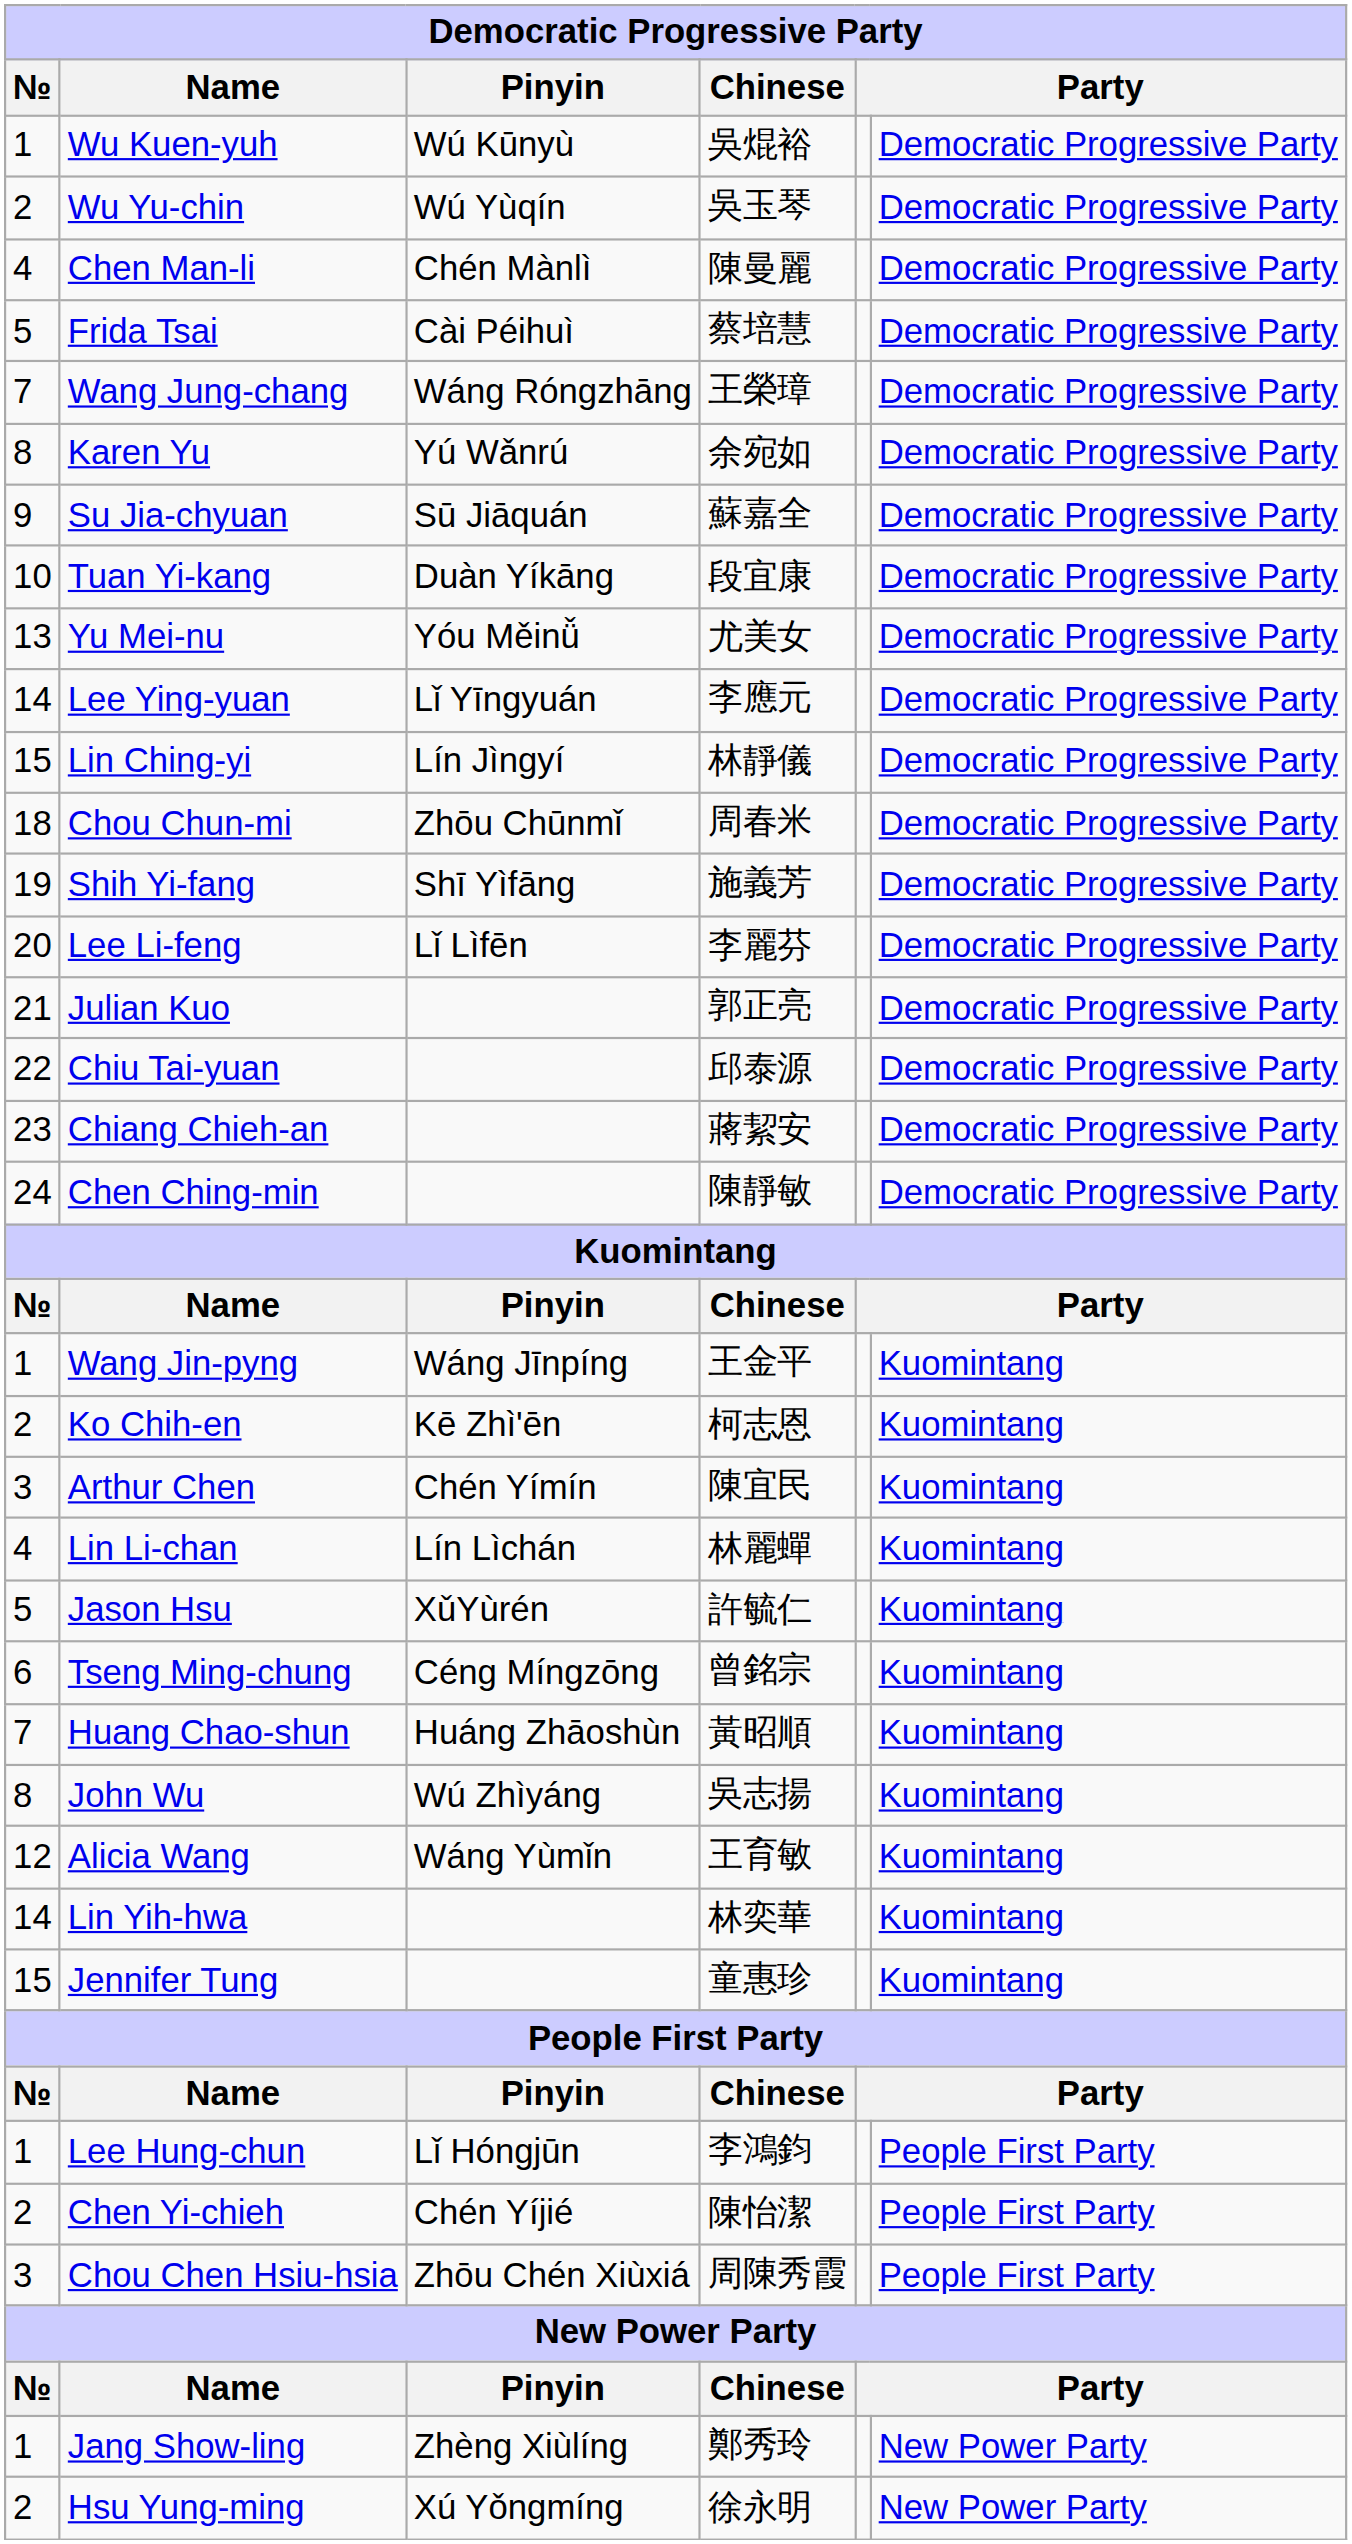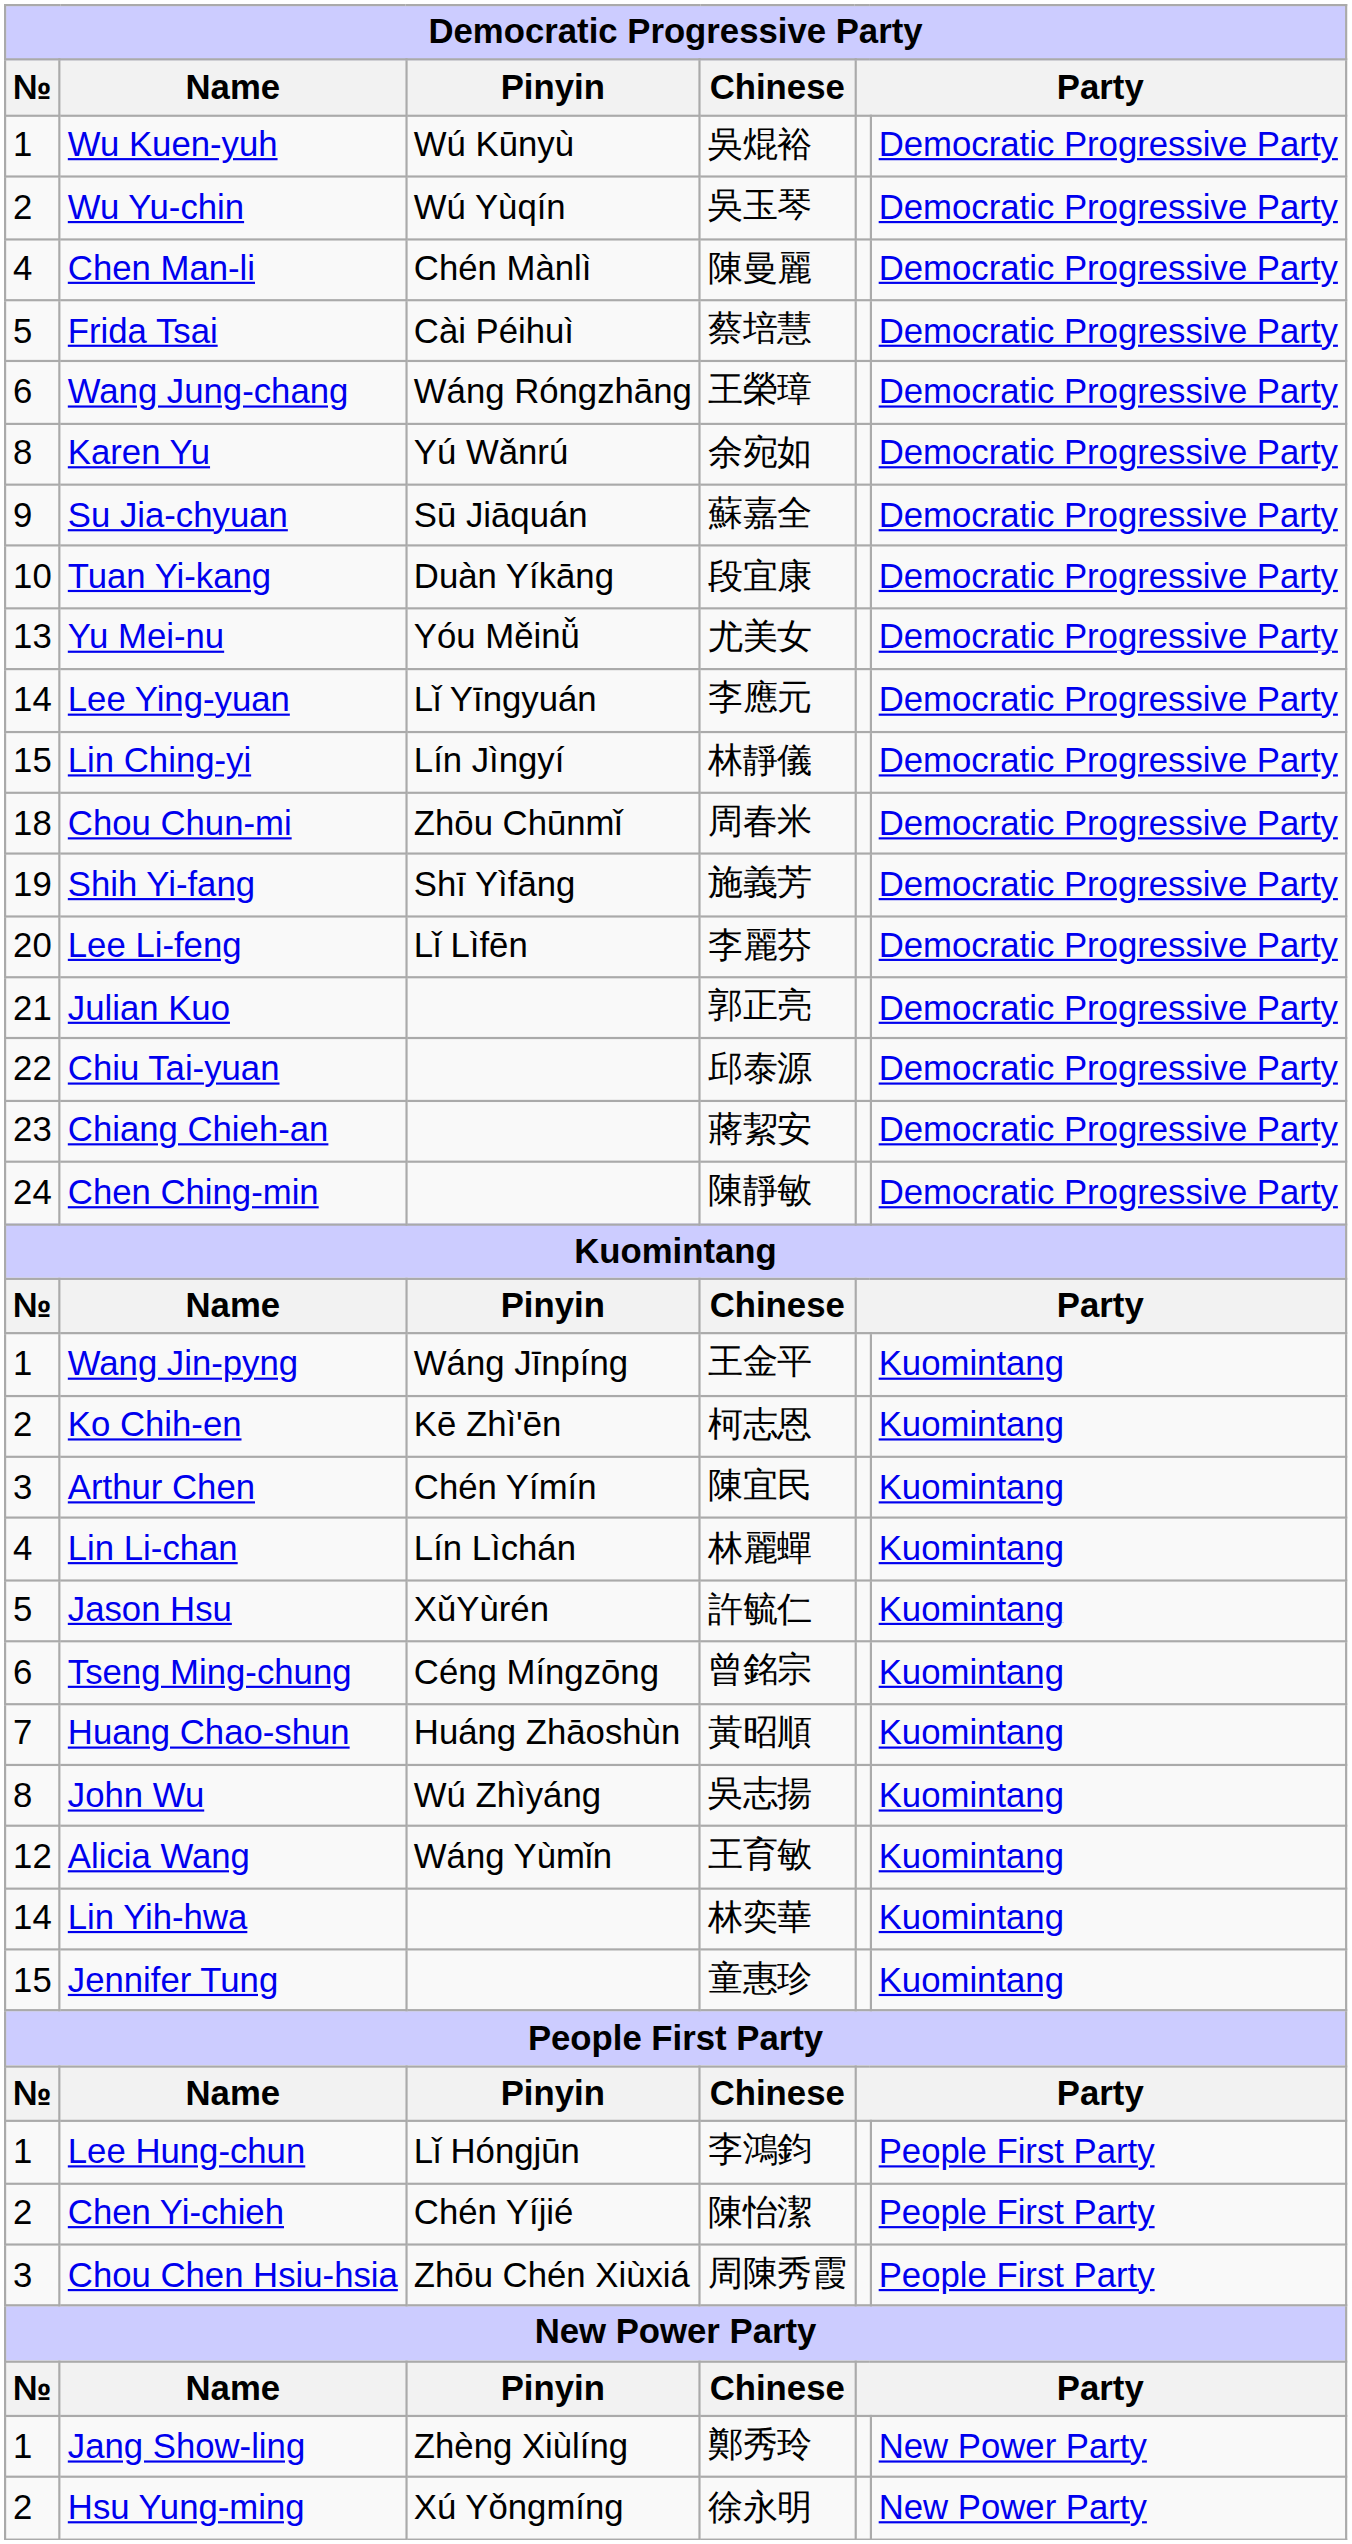 <table class="wikitable">
 <tr>
 <th colspan="6" style="background:#ccf;">Democratic Progressive Party</th>
 </tr>
 <tr>
 <th>№</th>
 <th>Name</th>
 <th>Pinyin</th>
 <th>Chinese</th>
 <th colspan=2>Party</th>
 </tr>
 <tr>
 <td>1</td>
 <td><a href='#'>Wu Kuen-yuh</a></td>
 <td>Wú Kūnyù</td>
 <td>吳焜裕</td>
 <td style="background-color: "></td>
 <td><a href='#'>Democratic Progressive Party</a></td>
 </tr>
 <tr>
 <td>2</td>
 <td><a href='#'>Wu Yu-chin</a></td>
 <td>Wú Yùqín</td>
 <td>吳玉琴</td>
 <td style="background-color: "></td>
 <td><a href='#'>Democratic Progressive Party</a></td>
 </tr>
 <tr>
 <td>4</td>
 <td><a href='#'>Chen Man-li</a></td>
 <td>Chén Mànlì</td>
 <td>陳曼麗</td>
 <td style="background-color: "></td>
 <td><a href='#'>Democratic Progressive Party</a></td>
 </tr>
 <tr>
 <td>5</td>
 <td><a href='#'>Frida Tsai</a></td>
 <td>Cài Péihuì</td>
 <td>蔡培慧</td>
 <td style="background-color: "></td>
 <td><a href='#'>Democratic Progressive Party</a></td>
 </tr>
 <tr>
-<td>7</td>
+<td>6</td>
 <td><a href='#'>Wang Jung-chang</a></td>
 <td>Wáng Róngzhāng</td>
 <td>王榮璋</td>
 <td style="background-color: "></td>
 <td><a href='#'>Democratic Progressive Party</a></td>
 </tr>
 <tr>
 <td>8</td>
 <td><a href='#'>Karen Yu</a></td>
 <td>Yú Wǎnrú</td>
 <td>余宛如</td>
 <td style="background-color: "></td>
 <td><a href='#'>Democratic Progressive Party</a></td>
 </tr>
 <tr>
 <td>9</td>
 <td><a href='#'>Su Jia-chyuan</a></td>
 <td>Sū Jiāquán</td>
 <td>蘇嘉全</td>
 <td style="background-color: "></td>
 <td><a href='#'>Democratic Progressive Party</a></td>
 </tr>
 <tr>
 <td>10</td>
 <td><a href='#'>Tuan Yi-kang</a></td>
 <td>Duàn Yíkāng</td>
 <td>段宜康</td>
 <td style="background-color: "></td>
 <td><a href='#'>Democratic Progressive Party</a></td>
 </tr>
 <tr>
 <td>13</td>
 <td><a href='#'>Yu Mei-nu</a></td>
 <td>Yóu Měinǚ</td>
 <td>尤美女</td>
 <td style="background-color: "></td>
 <td><a href='#'>Democratic Progressive Party</a></td>
 </tr>
 <tr>
 <td>14</td>
 <td><a href='#'>Lee Ying-yuan</a></td>
 <td>Lǐ Yīngyuán</td>
 <td>李應元</td>
 <td style="background-color: "></td>
 <td><a href='#'>Democratic Progressive Party</a></td>
 </tr>
 <tr>
 <td>15</td>
 <td><a href='#'>Lin Ching-yi</a></td>
 <td>Lín Jìngyí</td>
 <td>林靜儀</td>
 <td style="background-color: "></td>
 <td><a href='#'>Democratic Progressive Party</a></td>
 </tr>
 <tr>
 <td>18</td>
 <td><a href='#'>Chou Chun-mi</a></td>
 <td>Zhōu Chūnmǐ</td>
 <td>周春米</td>
 <td style="background-color: "></td>
 <td><a href='#'>Democratic Progressive Party</a></td>
 </tr>
 <tr>
 <td>19</td>
 <td><a href='#'>Shih Yi-fang</a></td>
 <td>Shī Yìfāng</td>
 <td>施義芳</td>
 <td style="background-color: "></td>
 <td><a href='#'>Democratic Progressive Party</a></td>
 </tr>
 <tr>
 <td>20</td>
 <td><a href='#'>Lee Li-feng</a></td>
 <td>Lǐ Lìfēn</td>
 <td>李麗芬</td>
 <td style="background-color: "></td>
 <td><a href='#'>Democratic Progressive Party</a></td>
 </tr>
 <tr>
 <td>21</td>
 <td><a href='#'>Julian Kuo</a></td>
 <td></td>
 <td>郭正亮</td>
 <td style="background-color: "></td>
 <td><a href='#'>Democratic Progressive Party</a></td>
 </tr>
 <tr>
 <td>22</td>
 <td><a href='#'>Chiu Tai-yuan</a></td>
 <td></td>
 <td>邱泰源</td>
 <td style="background-color: "></td>
 <td><a href='#'>Democratic Progressive Party</a></td>
 </tr>
 <tr>
 <td>23</td>
 <td><a href='#'>Chiang Chieh-an</a></td>
 <td></td>
 <td>蔣絜安</td>
 <td style="background-color: "></td>
 <td><a href='#'>Democratic Progressive Party</a></td>
 </tr>
 <tr>
 <td>24</td>
 <td><a href='#'>Chen Ching-min</a></td>
 <td></td>
 <td>陳靜敏</td>
 <td style="background-color: "></td>
 <td><a href='#'>Democratic Progressive Party</a></td>
 </tr>
 <tr>
 <th colspan="6" style="background:#ccf;">Kuomintang</th>
 </tr>
 <tr>
 <th>№</th>
 <th>Name</th>
 <th>Pinyin</th>
 <th>Chinese</th>
 <th colspan=2>Party</th>
 </tr>
 <tr>
 <td>1</td>
 <td><a href='#'>Wang Jin-pyng</a></td>
 <td>Wáng Jīnpíng</td>
 <td>王金平</td>
 <td style="background-color: "></td>
 <td><a href='#'>Kuomintang</a></td>
 </tr>
 <tr>
 <td>2</td>
 <td><a href='#'>Ko Chih-en</a></td>
 <td>Kē Zhì'ēn</td>
 <td>柯志恩</td>
 <td style="background-color: "></td>
 <td><a href='#'>Kuomintang</a></td>
 </tr>
 <tr>
 <td>3</td>
 <td><a href='#'>Arthur Chen</a></td>
 <td>Chén Yímín</td>
 <td>陳宜民</td>
 <td style="background-color: "></td>
 <td><a href='#'>Kuomintang</a></td>
 </tr>
 <tr>
 <td>4</td>
 <td><a href='#'>Lin Li-chan</a></td>
 <td>Lín Lìchán</td>
 <td>林麗蟬</td>
 <td style="background-color: "></td>
 <td><a href='#'>Kuomintang</a></td>
 </tr>
 <tr>
 <td>5</td>
 <td><a href='#'>Jason Hsu</a></td>
 <td>XǔYùrén</td>
 <td>許毓仁</td>
 <td style="background-color: "></td>
 <td><a href='#'>Kuomintang</a></td>
 </tr>
 <tr>
 <td>6</td>
 <td><a href='#'>Tseng Ming-chung</a></td>
 <td>Céng Míngzōng</td>
 <td>曾銘宗</td>
 <td style="background-color: "></td>
 <td><a href='#'>Kuomintang</a></td>
 </tr>
 <tr>
 <td>7</td>
 <td><a href='#'>Huang Chao-shun</a></td>
 <td>Huáng Zhāoshùn</td>
 <td>黃昭順</td>
 <td style="background-color: "></td>
 <td><a href='#'>Kuomintang</a></td>
 </tr>
 <tr>
 <td>8</td>
 <td><a href='#'>John Wu</a></td>
 <td>Wú Zhìyáng</td>
 <td>吳志揚</td>
 <td style="background-color: "></td>
 <td><a href='#'>Kuomintang</a></td>
 </tr>
 <tr>
 <td>12</td>
 <td><a href='#'>Alicia Wang</a></td>
 <td>Wáng Yùmǐn</td>
 <td>王育敏</td>
 <td style="background-color: "></td>
 <td><a href='#'>Kuomintang</a></td>
 </tr>
 <tr>
 <td>14</td>
 <td><a href='#'>Lin Yih-hwa</a></td>
 <td></td>
 <td>林奕華</td>
 <td style="background-color: "></td>
 <td><a href='#'>Kuomintang</a></td>
 </tr>
 <tr>
 <td>15</td>
 <td><a href='#'>Jennifer Tung</a></td>
 <td></td>
 <td>童惠珍</td>
 <td style="background-color: "></td>
 <td><a href='#'>Kuomintang</a></td>
 </tr>
 <tr>
 <th colspan="6" style="background:#ccf;">People First Party</th>
 </tr>
 <tr>
 <th>№</th>
 <th>Name</th>
 <th>Pinyin</th>
 <th>Chinese</th>
 <th colspan=2>Party</th>
 </tr>
 <tr>
 <td>1</td>
 <td><a href='#'>Lee Hung-chun</a></td>
 <td>Lǐ Hóngjūn</td>
 <td>李鴻鈞</td>
 <td style="background-color: "></td>
 <td><a href='#'>People First Party</a></td>
 </tr>
 <tr>
 <td>2</td>
 <td><a href='#'>Chen Yi-chieh</a></td>
 <td>Chén Yíjié</td>
 <td>陳怡潔</td>
 <td style="background-color: "></td>
 <td><a href='#'>People First Party</a></td>
 </tr>
 <tr>
 <td>3</td>
 <td><a href='#'>Chou Chen Hsiu-hsia</a></td>
 <td>Zhōu Chén Xiùxiá</td>
 <td>周陳秀霞</td>
 <td style="background-color: "></td>
 <td><a href='#'>People First Party</a></td>
 </tr>
 <tr>
 <th colspan="6" style="background:#ccf;">New Power Party</th>
 </tr>
 <tr>
 <th>№</th>
 <th>Name</th>
 <th>Pinyin</th>
 <th>Chinese</th>
 <th colspan=2>Party</th>
 </tr>
 <tr>
 <td>1</td>
 <td><a href='#'>Jang Show-ling</a></td>
 <td>Zhèng Xiùlíng</td>
 <td>鄭秀玲</td>
 <td style="background-color: "></td>
 <td><a href='#'>New Power Party</a></td>
 </tr>
 <tr>
 <td>2</td>
 <td><a href='#'>Hsu Yung-ming</a></td>
 <td>Xú Yǒngmíng</td>
 <td>徐永明</td>
 <td style="background-color: "></td>
 <td><a href='#'>New Power Party</a></td>
 </tr>
 </table>
